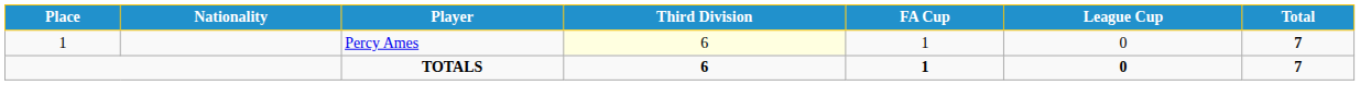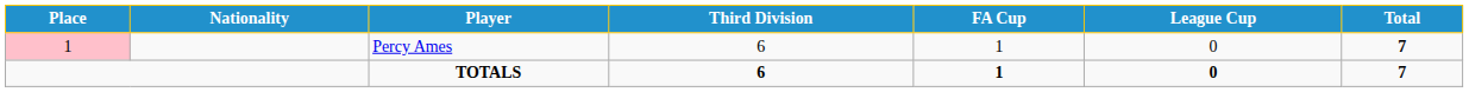 <table class="wikitable" style="text-align:center; font-size:90%; width:100%;">
 <tr>
 <th style="background:#2191CC; color:white; border:1px solid #F7C408; text-align:center;">Place</th>
 <th style="background:#2191CC; color:white; border:1px solid #F7C408; text-align:center;">Nationality</th>
 <th style="background:#2191CC; color:white; border:1px solid #F7C408; text-align:center;">Player</th>
 <th style="background:#2191CC; color:white; border:1px solid #F7C408; text-align:center;">Third Division</th>
 <th style="background:#2191CC; color:white; border:1px solid #F7C408; text-align:center;">FA Cup</th>
 <th style="background:#2191CC; color:white; border:1px solid #F7C408; text-align:center;">League Cup</th>
 <th style="background:#2191CC; color:white; border:1px solid #F7C408; text-align:center;">Total</th>
 </tr>
 <tr>
-<td>1</td>
+<td style="background: pink;">1</td>
 <td></td>
 <td align="left"><a href='#'>Percy Ames</a></td>
-<td style="background: lightyellow;">6</td>
+<td>6</td>
 <td>1</td>
 <td>0</td>
 <td><strong>7</strong></td>
 </tr>
 <tr>
 <td colspan="2"></td>
 <td><strong>TOTALS</strong></td>
 <td><strong>6</strong></td>
 <td><strong>1</strong></td>
 <td><strong>0</strong></td>
 <td><strong>7</strong></td>
 </tr>
 </table>
